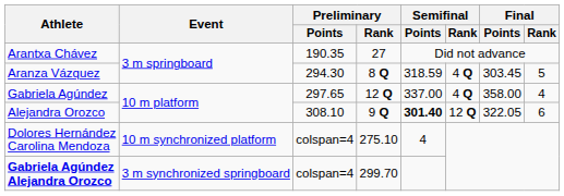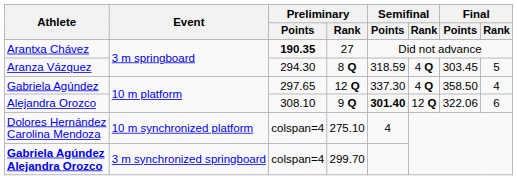 <table class=wikitable style="font-size:90%">
 <tr>
 <th rowspan="2">Athlete</th>
 <th rowspan="2">Event</th>
 <th colspan="2">Preliminary</th>
 <th colspan="2">Semifinal</th>
 <th colspan="2">Final</th>
 </tr>
 <tr style="font-size:95%">
 <th>Points</th>
 <th>Rank</th>
 <th>Points</th>
 <th>Rank</th>
 <th>Points</th>
 <th>Rank</th>
 </tr>
 <tr align="center">
 <td align="left"><a href='#'>Arantxa Chávez</a></td>
 <td rowspan="2" align="left"><a href='#'>3 m springboard</a></td>
-<td>190.35</td>
+<td><strong>190.35</strong></td>
 <td>27</td>
 <td colspan=4>Did not advance</td>
 </tr>
 <tr align=center>
 <td align=left><a href='#'>Aranza Vázquez</a></td>
 <td>294.30</td>
 <td>8 <strong>Q</strong></td>
 <td>318.59</td>
 <td>4 <strong>Q</strong></td>
 <td>303.45</td>
 <td>5</td>
 </tr>
 <tr align=center>
 <td align=left><a href='#'>Gabriela Agúndez</a></td>
 <td rowspan="2" align="left"><a href='#'>10 m platform</a></td>
 <td>297.65</td>
 <td>12 <strong>Q</strong></td>
-<td>337.00</td>
+<td>337.30</td>
 <td>4 <strong>Q</strong></td>
-<td>358.00</td>
+<td>358.50</td>
 <td>4</td>
 </tr>
 <tr align="center">
 <td align="left"><a href='#'>Alejandra Orozco</a></td>
 <td>308.10</td>
 <td>9 <strong>Q</strong></td>
 <td><strong>301.40</strong></td>
 <td>12 <strong>Q</strong></td>
-<td>322.05</td>
+<td>322.06</td>
 <td>6</td>
 </tr>
 <tr align="center">
 <td align="left"><a href='#'>Dolores Hernández</a><br><a href='#'>Carolina Mendoza</a></td>
 <td align=left><a href='#'>10 m synchronized platform</a></td>
 <td>colspan=4 </td>
 <td>275.10</td>
 <td>4</td>
 </tr>
 <tr align=center>
 <td align=left><strong><a href='#'>Gabriela Agúndez</a><br><a href='#'>Alejandra Orozco</a></strong></td>
 <td align="left"><a href='#'>3 m synchronized springboard</a></td>
 <td>colspan=4 </td>
 <td>299.70</td>
 <td></td>
 </tr>
 </table>
